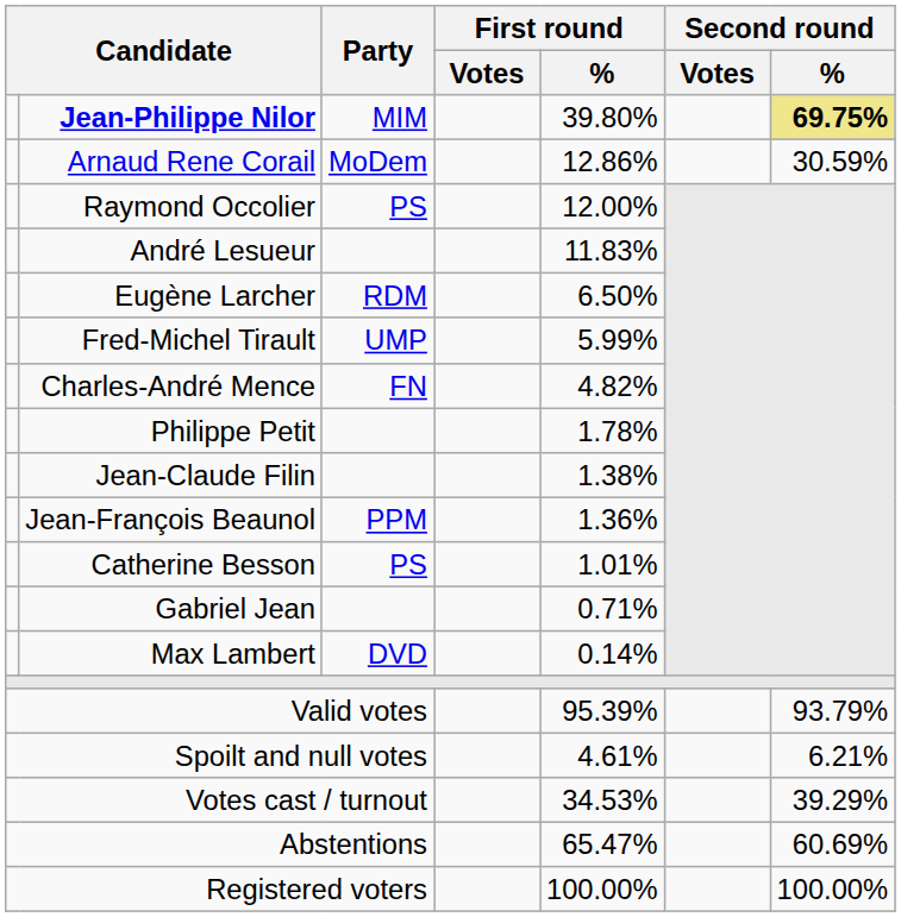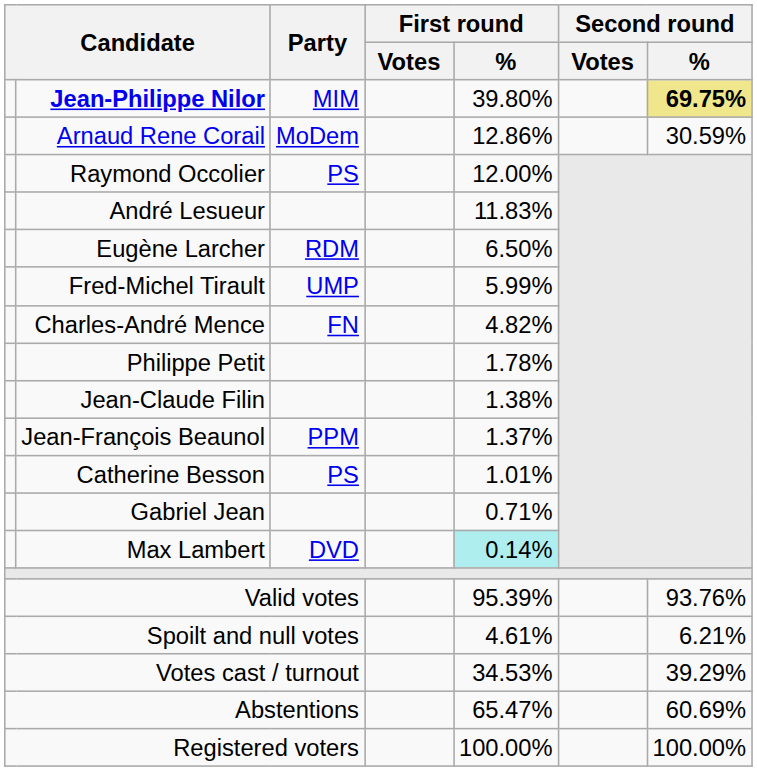 <table class="wikitable" style="text-align:right;font-size:95%;">
 <tr>
 <th rowspan=2 colspan=2>Candidate</th>
 <th rowspan=2 colspan=1>Party</th>
 <th colspan=2>First round</th>
 <th colspan=2>Second round</th>
 </tr>
 <tr>
 <th style="width:50px;">Votes</th>
 <th style="width:55px;">%</th>
 <th style="width:50px;">Votes</th>
 <th style="width:55px;">%</th>
 </tr>
 <tr>
 <td style="color:inherit;background-color:"></td>
 <td><strong><a href='#'>Jean-Philippe Nilor</a></strong></td>
 <td><a href='#'>MIM</a></td>
 <td></td>
 <td>39.80%</td>
 <td><strong></strong></td>
 <td style="background: khaki;"><strong>69.75%</strong></td>
 </tr>
 <tr>
 <td style="color:inherit;background-color:"></td>
 <td><a href='#'>Arnaud Rene Corail</a></td>
 <td><a href='#'>MoDem</a></td>
 <td></td>
 <td>12.86%</td>
 <td></td>
 <td>30.59%</td>
 </tr>
 <tr>
 <td style="color:inherit;background-color:"></td>
 <td>Raymond Occolier</td>
 <td><a href='#'>PS</a></td>
 <td></td>
 <td>12.00%</td>
 <td colspan=7 rowspan=11 style="background-color:#E9E9E9;"></td>
 </tr>
 <tr>
 <td style="background-color:;"></td>
 <td>André Lesueur</td>
 <td></td>
 <td></td>
 <td>11.83%</td>
 </tr>
 <tr>
 <td style="color:inherit;background-color:"></td>
 <td>Eugène Larcher</td>
 <td><a href='#'>RDM</a></td>
 <td></td>
 <td>6.50%</td>
 </tr>
 <tr>
 <td style="color:inherit;background-color:"></td>
 <td>Fred-Michel Tirault</td>
 <td><a href='#'>UMP</a></td>
 <td></td>
 <td>5.99%</td>
 </tr>
 <tr>
 <td style="color:inherit;background-color:"></td>
 <td>Charles-André Mence</td>
 <td><a href='#'>FN</a></td>
 <td></td>
 <td>4.82%</td>
 </tr>
 <tr>
 <td style="background-color:;"></td>
 <td>Philippe Petit</td>
 <td></td>
 <td></td>
 <td>1.78%</td>
 </tr>
 <tr>
 <td style="background-color:;"></td>
 <td>Jean-Claude Filin</td>
 <td></td>
 <td></td>
 <td>1.38%</td>
 </tr>
 <tr>
 <td style="color:inherit;background-color:"></td>
 <td>Jean-François Beaunol</td>
 <td><a href='#'>PPM</a></td>
 <td></td>
-<td>1.36%</td>
+<td>1.37%</td>
 </tr>
 <tr>
 <td style="color:inherit;background-color:"></td>
 <td>Catherine Besson</td>
 <td><a href='#'>PS</a></td>
 <td></td>
 <td>1.01%</td>
 </tr>
 <tr>
 <td style="color:inherit;background-color:"></td>
 <td>Gabriel Jean</td>
 <td></td>
 <td></td>
 <td>0.71%</td>
 </tr>
 <tr>
 <td style="color:inherit;background-color:"></td>
 <td>Max Lambert</td>
 <td><a href='#'>DVD</a></td>
 <td></td>
-<td>0.14%</td>
+<td style="background: paleturquoise;">0.14%</td>
 </tr>
 <tr>
 <td colspan=7 style="background-color:#E9E9E9;"></td>
 </tr>
 <tr>
 <td colspan=3>Valid votes</td>
 <td></td>
 <td>95.39%</td>
 <td></td>
-<td>93.79%</td>
+<td>93.76%</td>
 </tr>
 <tr>
 <td colspan=3>Spoilt and null votes</td>
 <td></td>
 <td>4.61%</td>
 <td></td>
 <td>6.21%</td>
 </tr>
 <tr>
 <td colspan=3>Votes cast / turnout</td>
 <td></td>
 <td>34.53%</td>
 <td></td>
 <td>39.29%</td>
 </tr>
 <tr>
 <td colspan=3>Abstentions</td>
 <td></td>
 <td>65.47%</td>
 <td></td>
 <td>60.69%</td>
 </tr>
 <tr>
 <td colspan=3>Registered voters</td>
 <td></td>
 <td>100.00%</td>
 <td></td>
 <td>100.00%</td>
 </tr>
 </table>
